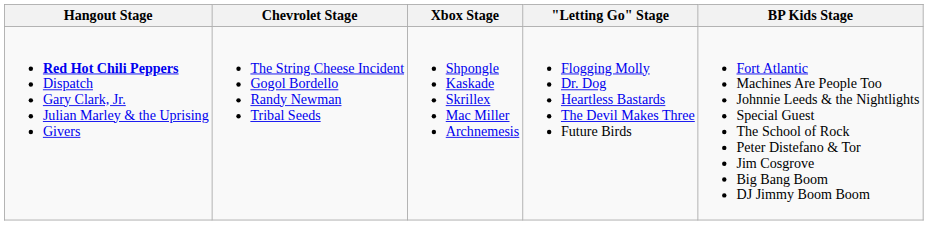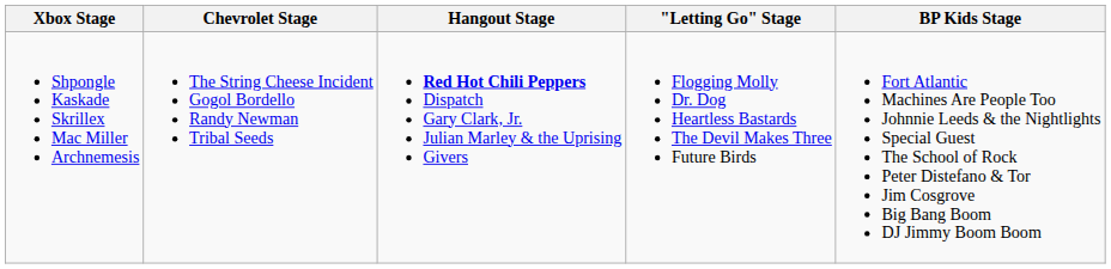 <table class="wikitable">
 <tr>
+<th>Xbox Stage</th>
+<th>Chevrolet Stage</th>
 <th>Hangout Stage</th>
-<th>Chevrolet Stage</th>
-<th>Xbox Stage</th>
 <th>"Letting Go" Stage</th>
 <th>BP Kids Stage</th>
 </tr>
 <tr valign="top">
+<td><br><ul><li><a href='#'>Shpongle</a></li><li><a href='#'>Kaskade</a></li><li><a href='#'>Skrillex</a></li><li><a href='#'>Mac Miller</a></li><li><a href='#'>Archnemesis</a></li></ul></td>
+<td><br><ul><li><a href='#'>The String Cheese Incident</a></li><li><a href='#'>Gogol Bordello</a></li><li><a href='#'>Randy Newman</a></li><li><a href='#'>Tribal Seeds</a></li></ul></td>
 <td><br><ul><li><strong><a href='#'>Red Hot Chili Peppers</a></strong></li><li><a href='#'>Dispatch</a></li><li><a href='#'>Gary Clark, Jr.</a></li><li><a href='#'>Julian Marley & the Uprising</a></li><li><a href='#'>Givers</a></li></ul></td>
-<td><br><ul><li><a href='#'>The String Cheese Incident</a></li><li><a href='#'>Gogol Bordello</a></li><li><a href='#'>Randy Newman</a></li><li><a href='#'>Tribal Seeds</a></li></ul></td>
-<td><br><ul><li><a href='#'>Shpongle</a></li><li><a href='#'>Kaskade</a></li><li><a href='#'>Skrillex</a></li><li><a href='#'>Mac Miller</a></li><li><a href='#'>Archnemesis</a></li></ul></td>
 <td><br><ul><li><a href='#'>Flogging Molly</a></li><li><a href='#'>Dr. Dog</a></li><li><a href='#'>Heartless Bastards</a></li><li><a href='#'>The Devil Makes Three</a></li><li>Future Birds</li></ul></td>
 <td><br><ul><li><a href='#'>Fort Atlantic</a></li><li>Machines Are People Too</li><li>Johnnie Leeds & the Nightlights</li><li>Special Guest</li><li>The School of Rock</li><li>Peter Distefano & Tor</li><li>Jim Cosgrove</li><li>Big Bang Boom</li><li>DJ Jimmy Boom Boom</li></ul></td>
 </tr>
 </table>
